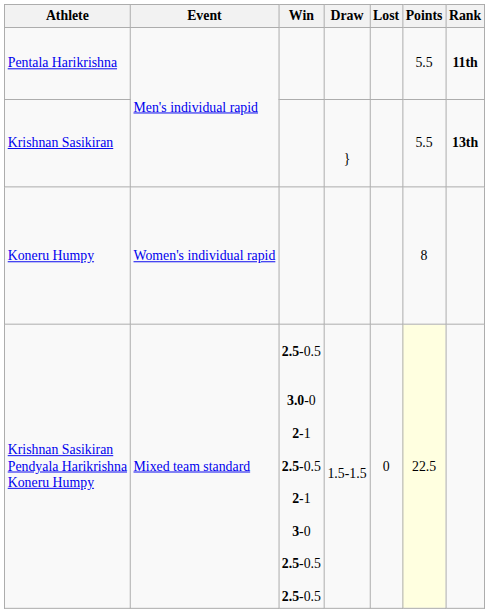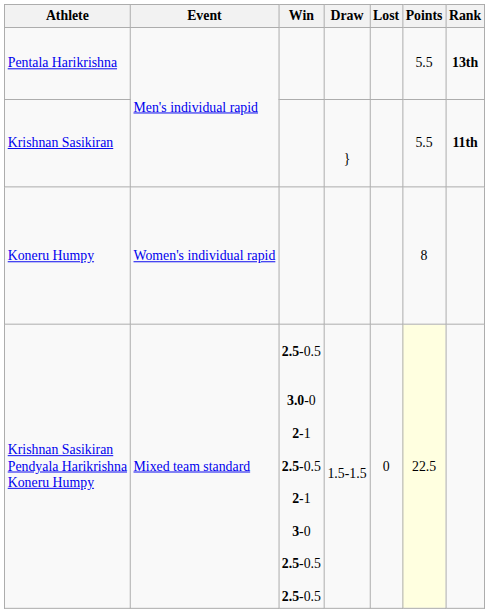 <table class=wikitable style="font-size:90%">
 <tr>
 <th>Athlete</th>
 <th>Event</th>
 <th>Win</th>
 <th>Draw</th>
 <th>Lost</th>
 <th>Points</th>
 <th>Rank</th>
 </tr>
 <tr>
 <td><a href='#'>Pentala Harikrishna</a></td>
 <td rowspan=2><a href='#'>Men's individual rapid</a></td>
 <td align=center><br><br><br> <br></td>
 <td align=center><br><br><br> </td>
 <td align=center><br></td>
 <td align=center>5.5</td>
-<td align=center><strong>11th</strong></td>
+<td align=center><strong>13th</strong></td>
 </tr>
 <tr>
 <td><a href='#'>Krishnan Sasikiran</a></td>
 <td align=center><br><br><br> </td>
 <td align=center><br><br><br> }<br><br> </td>
 <td align=center></td>
 <td align=center>5.5</td>
-<td align=center><strong>13th</strong></td>
+<td align=center><strong>11th</strong></td>
 </tr>
 <tr>
 <td><a href='#'>Koneru Humpy</a></td>
 <td><a href='#'>Women's individual rapid</a></td>
 <td align=center><br><br><br><br><br><br><br><br> </td>
 <td align=center></td>
 <td align=center></td>
 <td align=center>8</td>
 <td align=center></td>
 </tr>
 <tr>
 <td><a href='#'>Krishnan Sasikiran</a><br><a href='#'>Pendyala Harikrishna</a><br><a href='#'>Koneru Humpy</a></td>
 <td><a href='#'>Mixed team standard</a></td>
 <td align=center><br><strong>2.5</strong>-0.5<br><br><br><strong>3.0</strong>-0<br><br><strong>2</strong>-1<br> <br><strong>2.5</strong>-0.5<br> <br><strong>2</strong>-1  <br><br><strong>3</strong>-0  <br><br><strong>2.5</strong>-0.5<br><br><strong>2.5</strong>-0.5</td>
 <td align=center><br>1.5-1.5</td>
 <td align=center>0</td>
 <td align=center style="background: lightyellow;">22.5</td>
 <td align=center></td>
 </tr>
 </table>
